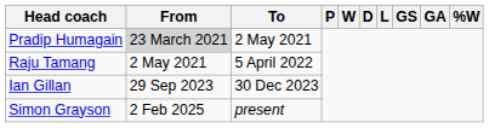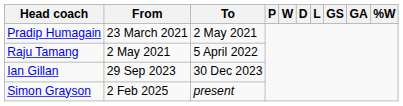 <table class="wikitable sortable" style="text-align: center">
 <tr>
 <th>Head coach</th>
 <th class="unsortable">From</th>
 <th class="unsortable">To</th>
 <th abbr="1">P</th>
 <th abbr="1">W</th>
 <th abbr="0">D</th>
 <th abbr="1">L</th>
 <th abbr="2">GS</th>
 <th abbr="4">GA</th>
 <th abbr="00">%W</th>
 </tr>
 <tr>
 <td align=left> <a href='#'>Pradip Humagain</a></td>
-<td align=left style="background: lightgrey;">23 March 2021</td>
+<td align=left>23 March 2021</td>
 <td align=left>2 May 2021<br></td>
 </tr>
 <tr>
 <td align=left> <a href='#'>Raju Tamang</a></td>
 <td align=left>2 May 2021</td>
 <td align=left>5 April 2022<br></td>
 </tr>
 <tr>
 <td align=left> <a href='#'>Ian Gillan</a></td>
 <td align=left>29 Sep 2023</td>
 <td align=left>30 Dec 2023<br></td>
 </tr>
 <tr>
 <td align=left> <a href='#'>Simon Grayson</a></td>
 <td align=left>2 Feb 2025</td>
 <td align=left><em>present</em><br></td>
 </tr>
 </table>
